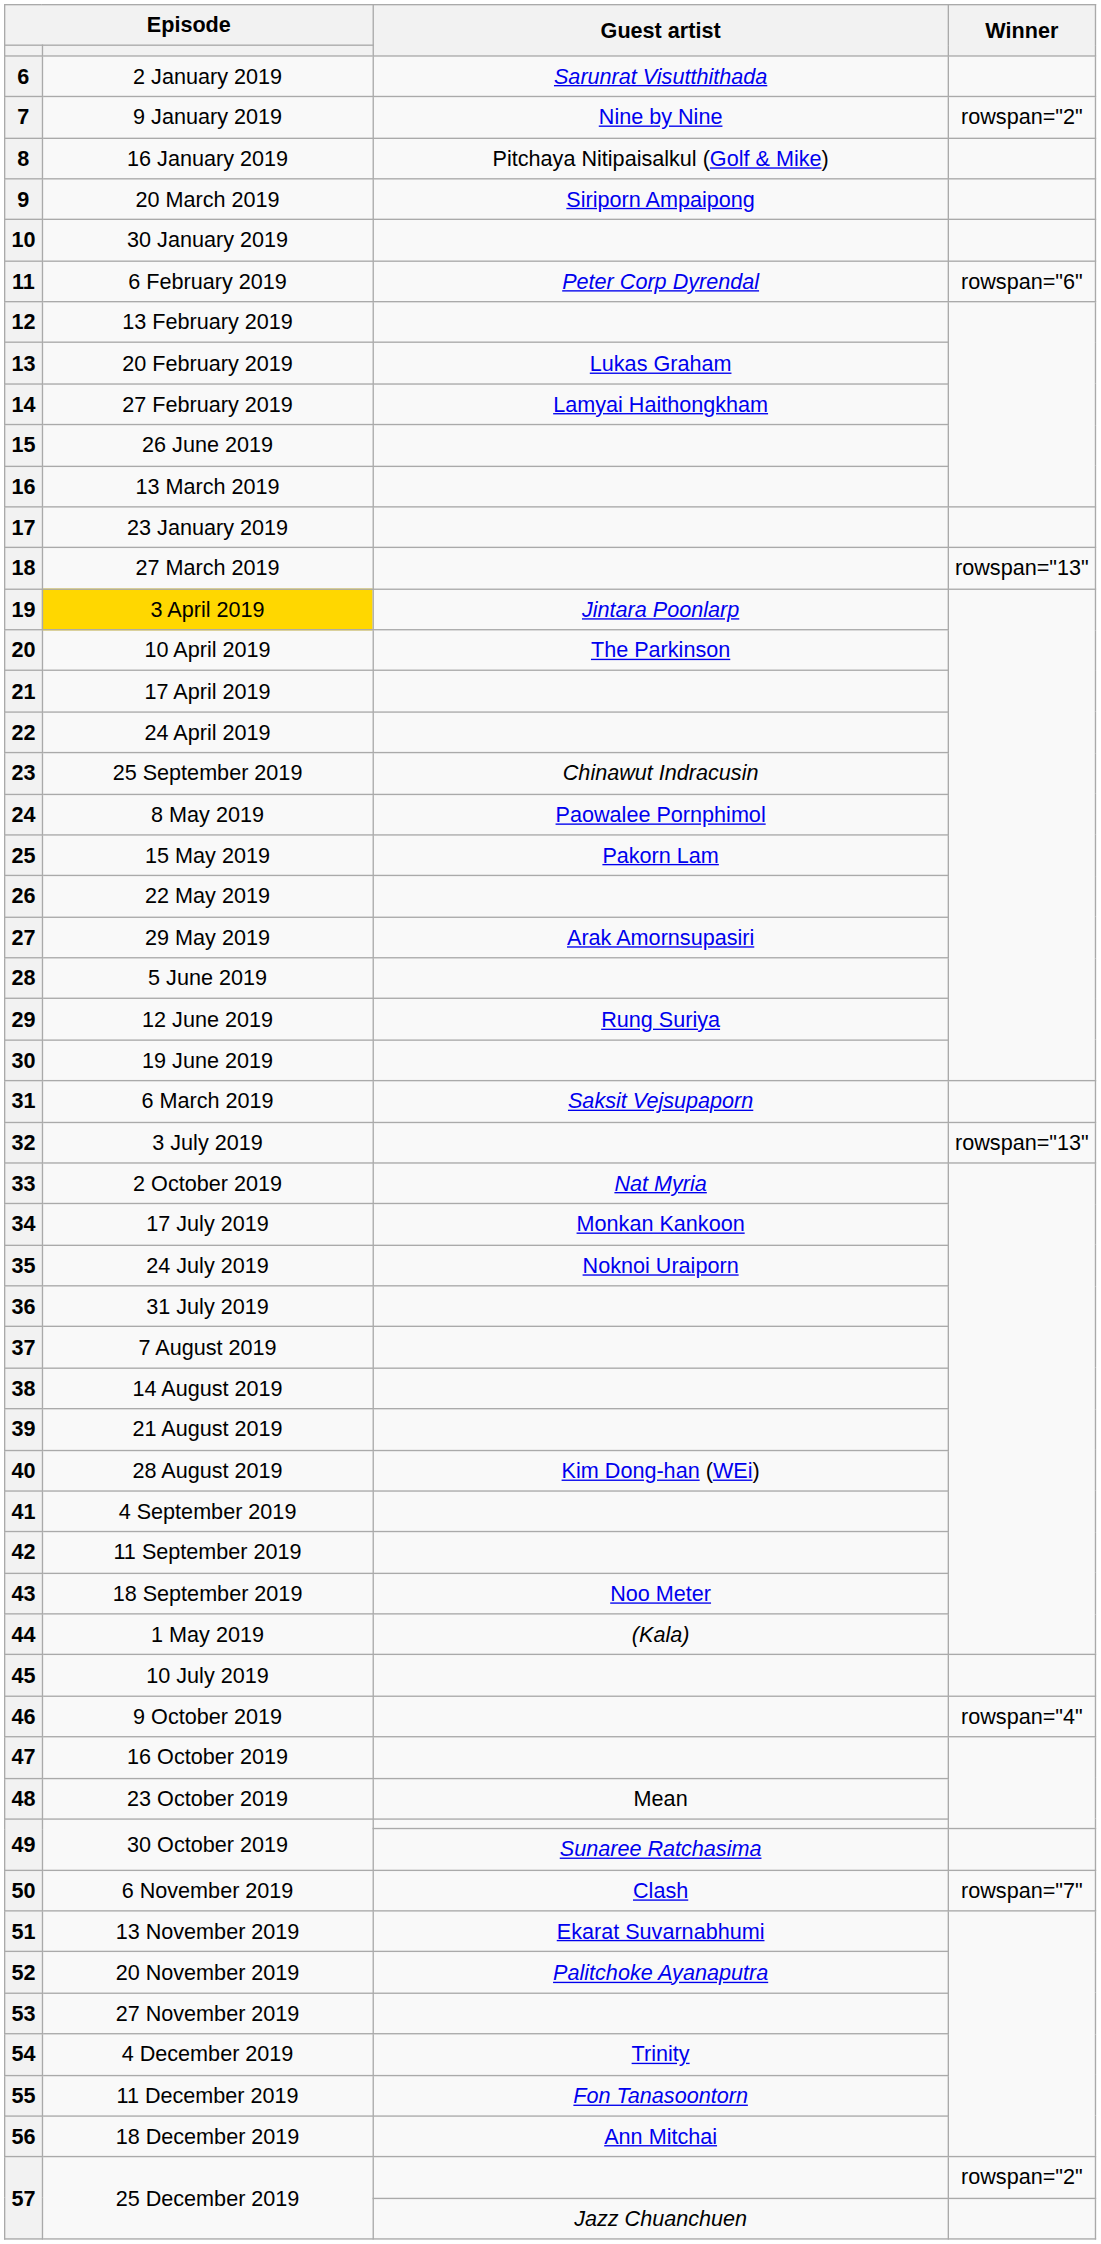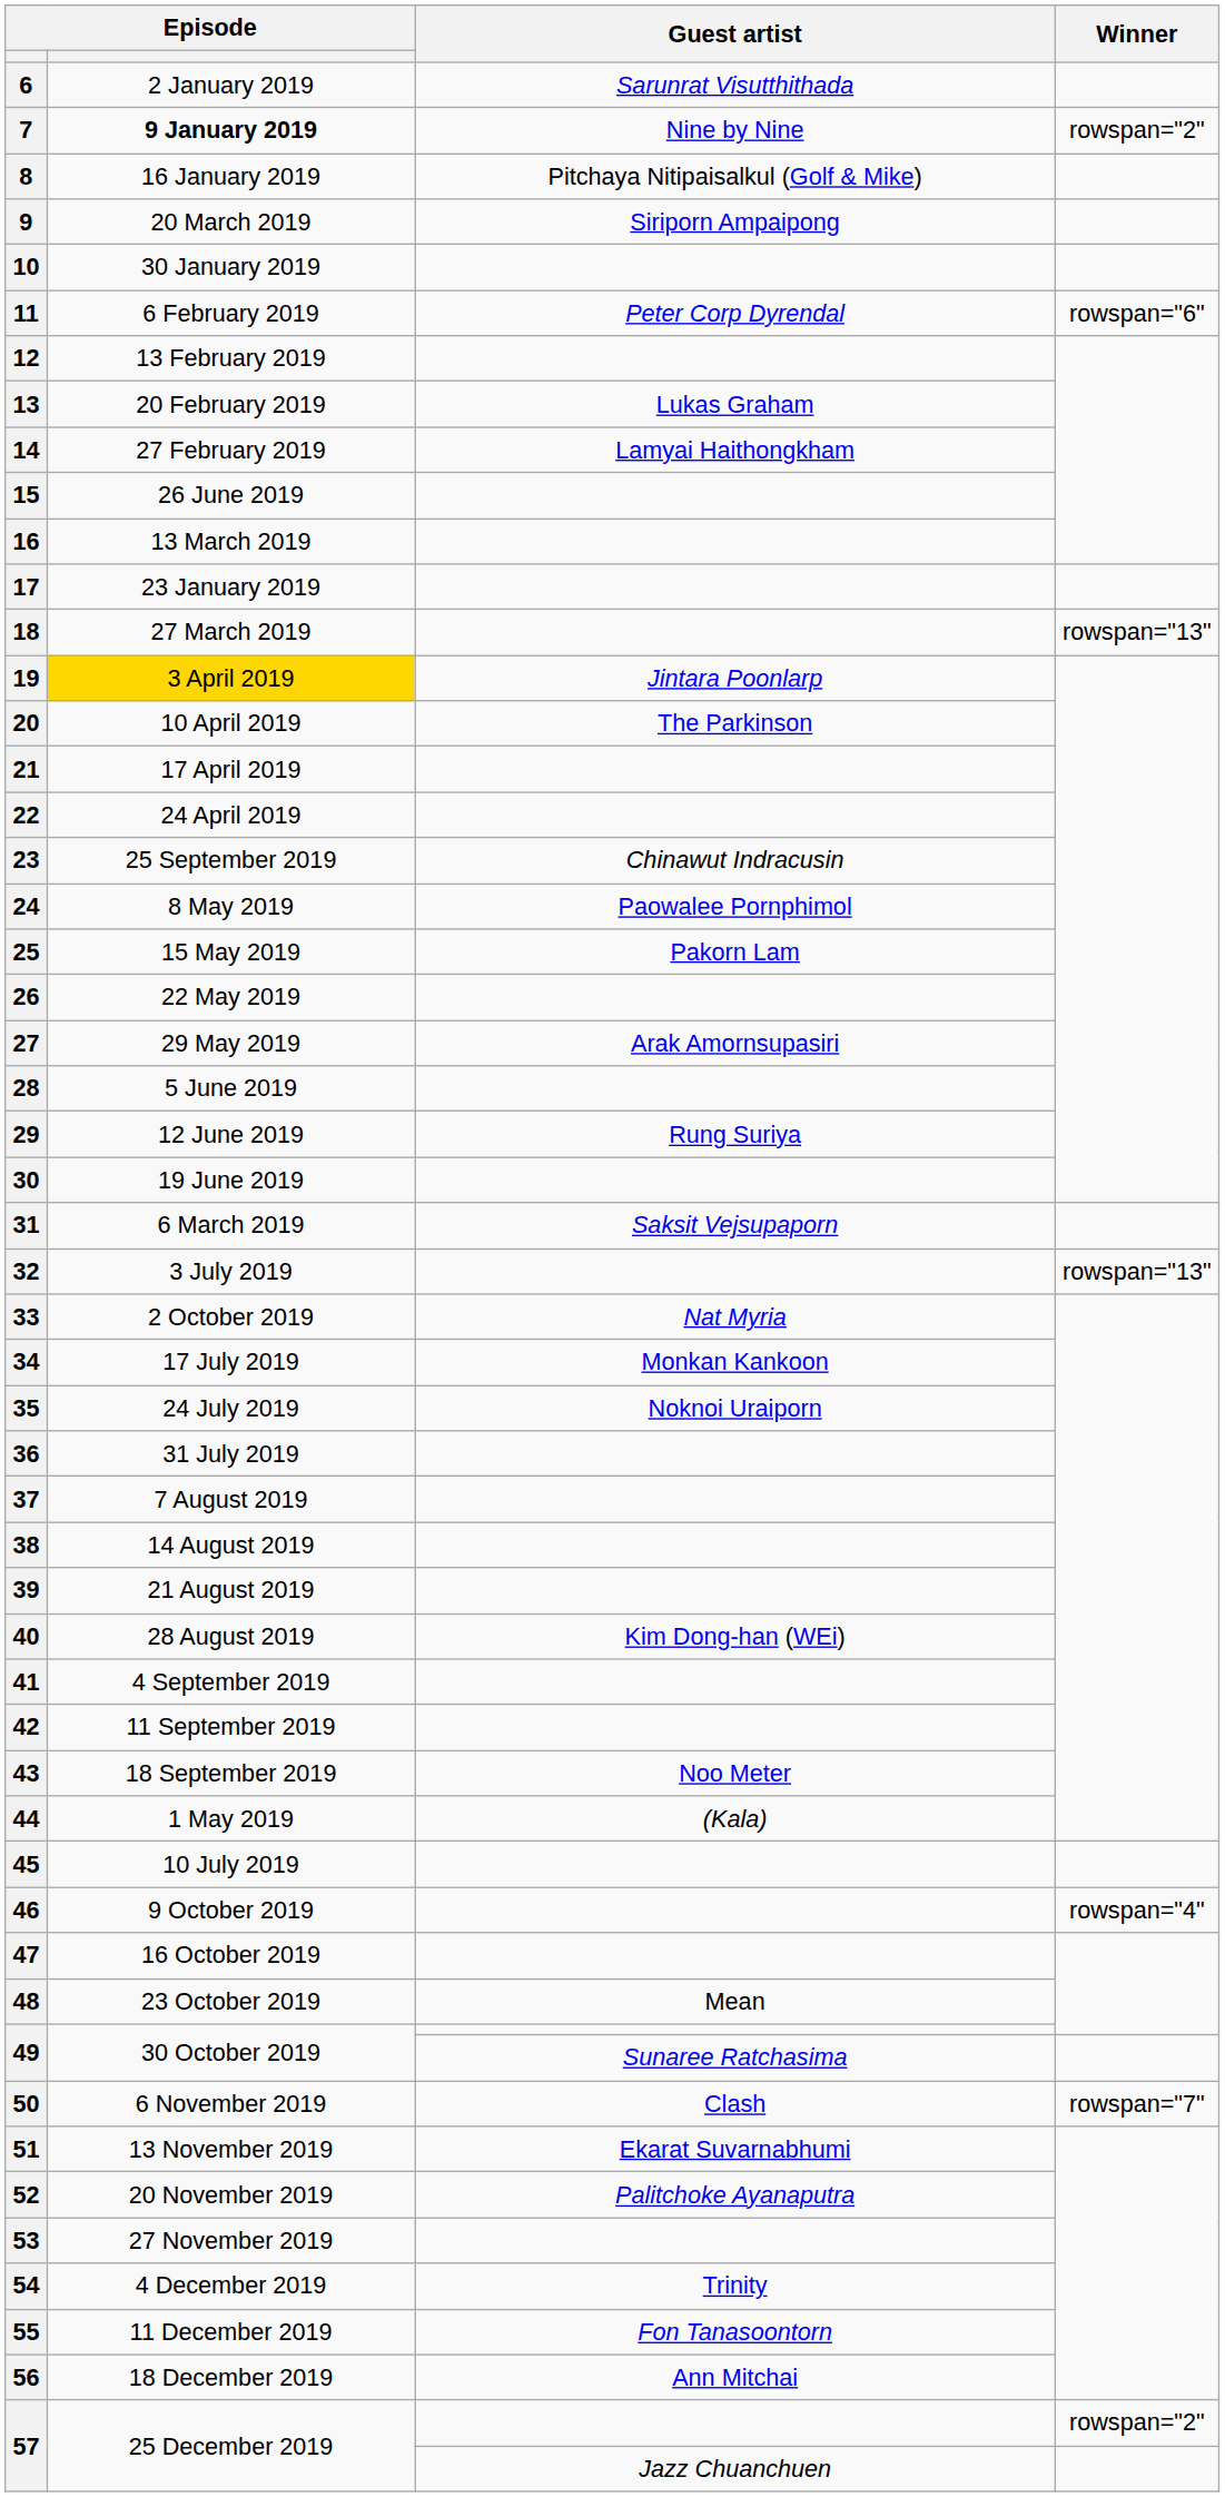 <table class="wikitable plainrowheaders mw-collapsible" style="text-align:center; line-height:23px; width:64%;">
 <tr>
 <th colspan="2" width="24%">Episode</th>
 <th rowspan="2" width="40%">Guest artist</th>
 <th rowspan="2" width="1%">Winner</th>
 </tr>
 <tr>
 <th width="01%"></th>
 <th></th>
 </tr>
 <tr>
 <th>6</th>
 <td>2 January 2019</td>
 <td><em><a href='#'>Sarunrat Visutthithada</a></em></td>
 <td></td>
 </tr>
 <tr>
 <th>7</th>
-<td>9 January 2019</td>
+<td><strong>9 January 2019</strong></td>
 <td><a href='#'>Nine by Nine</a></td>
 <td>rowspan="2" </td>
 </tr>
 <tr>
 <th>8</th>
 <td>16 January 2019</td>
 <td>Pitchaya Nitipaisalkul (<a href='#'>Golf & Mike</a>)</td>
 </tr>
 <tr>
 <th>9</th>
 <td>20 March 2019</td>
 <td><a href='#'>Siriporn Ampaipong</a></td>
 <td></td>
 </tr>
 <tr>
 <th>10</th>
 <td>30 January 2019</td>
 <td></td>
 <td></td>
 </tr>
 <tr>
 <th>11</th>
 <td>6 February 2019</td>
 <td><em><a href='#'>Peter Corp Dyrendal</a></em></td>
 <td>rowspan="6" </td>
 </tr>
 <tr>
 <th>12</th>
 <td>13 February 2019</td>
 <td></td>
 </tr>
 <tr>
 <th>13</th>
 <td>20 February 2019</td>
 <td><a href='#'>Lukas Graham</a></td>
 </tr>
 <tr>
 <th>14</th>
 <td>27 February 2019</td>
 <td><a href='#'>Lamyai Haithongkham</a></td>
 </tr>
 <tr>
 <th>15</th>
 <td>26 June 2019</td>
 <td></td>
 </tr>
 <tr>
 <th>16</th>
 <td>13 March 2019</td>
 <td></td>
 </tr>
 <tr>
 <th>17</th>
 <td>23 January 2019</td>
 <td></td>
 <td></td>
 </tr>
 <tr>
 <th>18</th>
 <td>27 March 2019</td>
 <td></td>
 <td>rowspan="13" </td>
 </tr>
 <tr>
 <th>19</th>
 <td style="background: gold;">3 April 2019</td>
 <td><em><a href='#'>Jintara Poonlarp</a></em></td>
 </tr>
 <tr>
 <th>20</th>
 <td>10 April 2019</td>
 <td><a href='#'>The Parkinson</a></td>
 </tr>
 <tr>
 <th>21</th>
 <td>17 April 2019</td>
 <td></td>
 </tr>
 <tr>
 <th>22</th>
 <td>24 April 2019</td>
 <td></td>
 </tr>
 <tr>
 <th>23</th>
 <td>25 September 2019</td>
 <td><em>Chinawut Indracusin</em></td>
 </tr>
 <tr>
 <th>24</th>
 <td>8 May 2019</td>
 <td><a href='#'>Paowalee Pornphimol</a></td>
 </tr>
 <tr>
 <th>25</th>
 <td>15 May 2019</td>
 <td><a href='#'>Pakorn Lam</a></td>
 </tr>
 <tr>
 <th>26</th>
 <td>22 May 2019</td>
 <td><em></em></td>
 </tr>
 <tr>
 <th>27</th>
 <td>29 May 2019</td>
 <td><a href='#'>Arak Amornsupasiri</a></td>
 </tr>
 <tr>
 <th>28</th>
 <td>5 June 2019</td>
 <td></td>
 </tr>
 <tr>
 <th>29</th>
 <td>12 June 2019</td>
 <td><a href='#'>Rung Suriya</a></td>
 </tr>
 <tr>
 <th>30</th>
 <td>19 June 2019</td>
 <td></td>
 </tr>
 <tr>
 <th>31</th>
 <td>6 March 2019</td>
 <td><em><a href='#'>Saksit Vejsupaporn</a></em></td>
 <td></td>
 </tr>
 <tr>
 <th>32</th>
 <td>3 July 2019</td>
 <td><em></em></td>
 <td>rowspan="13" </td>
 </tr>
 <tr>
 <th>33</th>
 <td>2 October 2019</td>
 <td><em><a href='#'>Nat Myria</a></em></td>
 </tr>
 <tr>
 <th>34</th>
 <td>17 July 2019</td>
 <td><a href='#'>Monkan Kankoon</a></td>
 </tr>
 <tr>
 <th>35</th>
 <td>24 July 2019</td>
 <td><a href='#'>Noknoi Uraiporn</a></td>
 </tr>
 <tr>
 <th>36</th>
 <td>31 July 2019</td>
 <td></td>
 </tr>
 <tr>
 <th>37</th>
 <td>7 August 2019</td>
 <td></td>
 </tr>
 <tr>
 <th>38</th>
 <td>14 August 2019</td>
 <td></td>
 </tr>
 <tr>
 <th>39</th>
 <td>21 August 2019</td>
 <td></td>
 </tr>
 <tr>
 <th>40</th>
 <td>28 August 2019</td>
 <td><a href='#'>Kim Dong-han</a> (<a href='#'>WEi</a>)</td>
 </tr>
 <tr>
 <th>41</th>
 <td>4 September 2019</td>
 <td></td>
 </tr>
 <tr>
 <th>42</th>
 <td>11 September 2019</td>
 <td></td>
 </tr>
 <tr>
 <th>43</th>
 <td>18 September 2019</td>
 <td><a href='#'>Noo Meter</a></td>
 </tr>
 <tr>
 <th>44</th>
 <td>1 May 2019</td>
 <td><em> (Kala)</em></td>
 </tr>
 <tr>
 <th>45</th>
 <td>10 July 2019</td>
 <td></td>
 <td></td>
 </tr>
 <tr>
 <th>46</th>
 <td>9 October 2019</td>
 <td></td>
 <td>rowspan="4" </td>
 </tr>
 <tr>
 <th>47</th>
 <td>16 October 2019</td>
 <td></td>
 </tr>
 <tr>
 <th>48</th>
 <td>23 October 2019</td>
 <td>Mean</td>
 </tr>
 <tr>
 <th rowspan="2">49</th>
 <td rowspan="2">30 October 2019</td>
 <td><em></em></td>
 </tr>
 <tr>
 <td><em><a href='#'>Sunaree Ratchasima</a></em></td>
 <td></td>
 </tr>
 <tr>
 <th>50</th>
 <td>6 November 2019</td>
 <td><a href='#'>Clash</a></td>
 <td>rowspan="7" </td>
 </tr>
 <tr>
 <th>51</th>
 <td>13 November 2019</td>
 <td><a href='#'>Ekarat Suvarnabhumi</a></td>
 </tr>
 <tr>
 <th>52</th>
 <td>20 November 2019</td>
 <td><em><a href='#'>Palitchoke Ayanaputra</a></em></td>
 </tr>
 <tr>
 <th>53</th>
 <td>27 November 2019</td>
 <td></td>
 </tr>
 <tr>
 <th>54</th>
 <td>4 December 2019</td>
 <td><a href='#'>Trinity</a></td>
 </tr>
 <tr>
 <th>55</th>
 <td>11 December 2019</td>
 <td><em><a href='#'>Fon Tanasoontorn</a></em></td>
 </tr>
 <tr>
 <th>56</th>
 <td>18 December 2019</td>
 <td><a href='#'>Ann Mitchai</a></td>
 </tr>
 <tr>
 <th rowspan="2">57</th>
 <td rowspan="2">25 December 2019</td>
 <td></td>
 <td>rowspan="2" </td>
 </tr>
 <tr>
 <td><em>Jazz Chuanchuen</em></td>
 </tr>
 </table>
